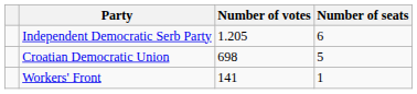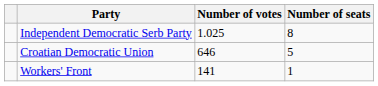 <table class="wikitable">
 <tr>
 <th style="width:10px"> </th>
 <th>Party</th>
 <th>Number of votes</th>
 <th>Number of seats</th>
 </tr>
 <tr>
 <td style="background:"> </td>
 <td><a href='#'>Independent Democratic Serb Party</a></td>
-<td>1.205</td>
-<td>6</td>
+<td>1.025</td>
+<td>8</td>
 </tr>
 <tr>
 <td style="background:"> </td>
 <td><a href='#'>Croatian Democratic Union</a></td>
-<td>698</td>
+<td>646</td>
 <td>5</td>
 </tr>
 <tr>
 <td style="background:"> </td>
 <td><a href='#'>Workers' Front</a></td>
 <td>141</td>
 <td>1</td>
 </tr>
 </table>
